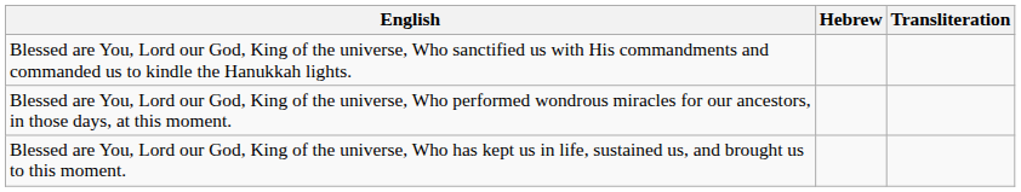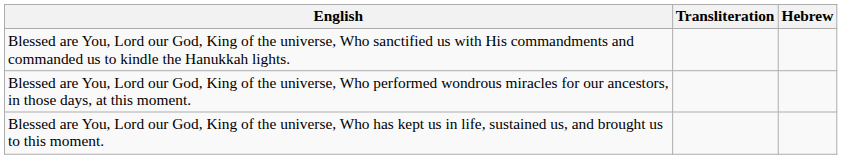 <table class="wikitable">
 <tr>
 <th>English</th>
+<th>Transliteration</th>
 <th>Hebrew</th>
-<th>Transliteration</th>
 </tr>
 <tr>
 <td>Blessed are You, Lord our God, King of the universe, Who sanctified us with His commandments and commanded us to kindle the Hanukkah lights.</td>
+<td></td>
 <td style="text-align:right;"></td>
-<td></td>
 </tr>
 <tr>
 <td>Blessed are You, Lord our God, King of the universe, Who performed wondrous miracles for our ancestors, in those days, at this moment.</td>
+<td></td>
 <td style="text-align:right;"></td>
-<td></td>
 </tr>
 <tr>
 <td>Blessed are You, Lord our God, King of the universe, Who has kept us in life, sustained us, and brought us to this moment.</td>
+<td></td>
 <td style="text-align:right;"></td>
-<td></td>
 </tr>
 </table>
